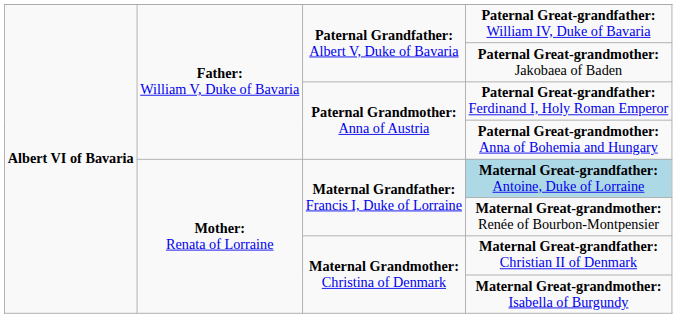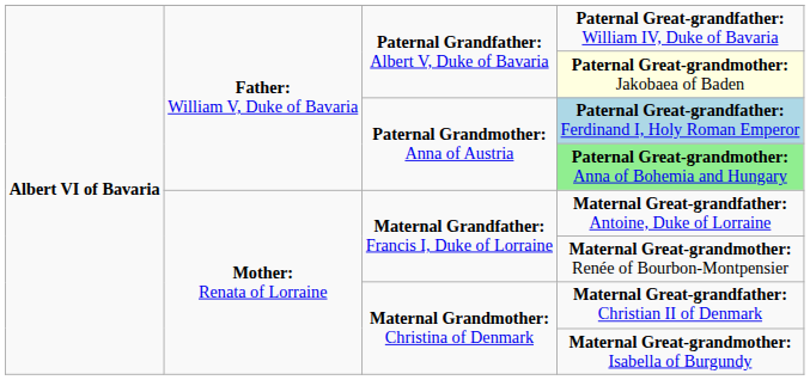 <table class="wikitable">
 <tr>
 </tr>
 <tr>
 <td rowspan="8" align="center"><strong>Albert VI of Bavaria</strong></td>
 <td rowspan="4" align="center"><strong>Father:</strong><br><a href='#'>William V, Duke of Bavaria</a></td>
 <td rowspan="2" align="center"><strong>Paternal Grandfather:</strong><br><a href='#'>Albert V, Duke of Bavaria</a></td>
 <td align="center"><strong>Paternal Great-grandfather:</strong><br><a href='#'>William IV, Duke of Bavaria</a></td>
 </tr>
 <tr>
-<td align="center"><strong>Paternal Great-grandmother:</strong><br>Jakobaea of Baden</td>
+<td align="center" style="background: lightyellow;"><strong>Paternal Great-grandmother:</strong><br>Jakobaea of Baden</td>
 </tr>
 <tr>
 <td rowspan="2" align="center"><strong>Paternal Grandmother:</strong><br><a href='#'>Anna of Austria</a></td>
-<td align="center"><strong>Paternal Great-grandfather:</strong><br><a href='#'>Ferdinand I, Holy Roman Emperor</a></td>
+<td align="center" style="background: lightblue;"><strong>Paternal Great-grandfather:</strong><br><a href='#'>Ferdinand I, Holy Roman Emperor</a></td>
 </tr>
 <tr>
-<td align="center"><strong>Paternal Great-grandmother:</strong><br><a href='#'>Anna of Bohemia and Hungary</a></td>
+<td align="center" style="background: lightgreen;"><strong>Paternal Great-grandmother:</strong><br><a href='#'>Anna of Bohemia and Hungary</a></td>
 </tr>
 <tr>
 <td rowspan="4" align="center"><strong>Mother:</strong><br><a href='#'>Renata of Lorraine</a></td>
 <td rowspan="2" align="center"><strong>Maternal Grandfather:</strong><br><a href='#'>Francis I, Duke of Lorraine</a></td>
-<td align="center" style="background: lightblue;"><strong>Maternal Great-grandfather:</strong><br><a href='#'>Antoine, Duke of Lorraine</a></td>
+<td align="center"><strong>Maternal Great-grandfather:</strong><br><a href='#'>Antoine, Duke of Lorraine</a></td>
 </tr>
 <tr>
 <td align="center"><strong>Maternal Great-grandmother:</strong><br>Renée of Bourbon-Montpensier</td>
 </tr>
 <tr>
 <td rowspan="2" align="center"><strong>Maternal Grandmother:</strong><br><a href='#'>Christina of Denmark</a></td>
 <td align="center"><strong>Maternal Great-grandfather:</strong><br><a href='#'>Christian II of Denmark</a></td>
 </tr>
 <tr>
 <td align="center"><strong>Maternal Great-grandmother:</strong><br><a href='#'>Isabella of Burgundy</a></td>
 </tr>
 </table>
